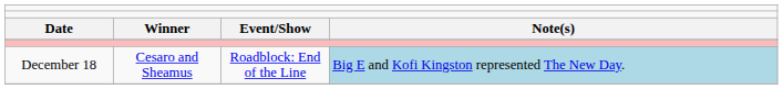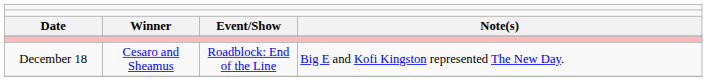 <table class="wikitable" style="text-align:center; width:100%;">
 <tr>
 <td colspan="5"></td>
 </tr>
 <tr>
 <td colspan="5"><strong></strong></td>
 </tr>
 <tr>
 <th width=14%>Date</th>
 <th width=14%>Winner</th>
 <th width=14%>Event/Show</th>
 <th width=58%>Note(s)</th>
 </tr>
 <tr>
 </tr>
 <tr style="background:#FBB;">
 <td colspan="5"></td>
 </tr>
 <tr>
 <td>December 18</td>
 <td><a href='#'>Cesaro and Sheamus</a></td>
 <td><a href='#'>Roadblock: End of the Line</a></td>
-<td align=left style="background: lightblue;"><a href='#'>Big E</a> and <a href='#'>Kofi Kingston</a> represented <a href='#'>The New Day</a>.</td>
+<td align=left><a href='#'>Big E</a> and <a href='#'>Kofi Kingston</a> represented <a href='#'>The New Day</a>.</td>
 </tr>
 <tr>
 </tr>
 </table>
